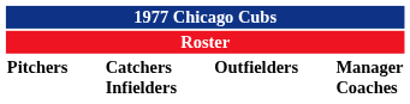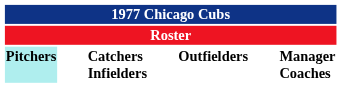 <table class="toccolours" style="font-size: 95%;">
 <tr>
 <th colspan="10" style="background-color: #0e3386; color: white; text-align: center;">1977 Chicago Cubs</th>
 </tr>
 <tr>
 <td colspan="10" style="background-color: #EE1422; color: white; text-align: center;"><strong>Roster</strong></td>
 </tr>
 <tr>
-<td valign="top"><strong>Pitchers</strong><br>              </td>
+<td valign="top" style="background: paleturquoise;"><strong>Pitchers</strong><br>              </td>
 <td width="25px"></td>
 <td valign="top"><strong>Catchers</strong><br>    <strong>Infielders</strong>        </td>
 <td width="25px"></td>
 <td valign="top"><strong>Outfielders</strong><br>       </td>
 <td width="25px"></td>
 <td valign="top"><strong>Manager</strong><br> <strong>Coaches</strong>     </td>
 </tr>
 <tr>
 </tr>
 </table>
